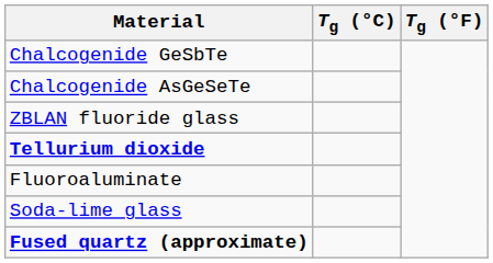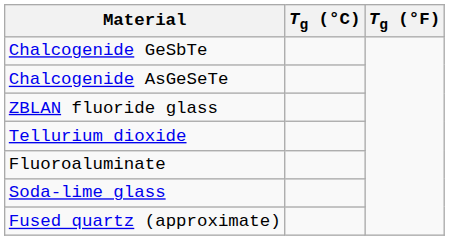 <table class="wikitable sortable">
 <tr>
 <th>Material</th>
 <th><em>T</em><sub>g</sub> (°C)</th>
 <th><em>T</em><sub>g</sub> (°F)</th>
 </tr>
 <tr>
 <td><a href='#'>Chalcogenide</a> GeSbTe</td>
 <td></td>
 </tr>
 <tr>
 <td><a href='#'>Chalcogenide</a> AsGeSeTe</td>
 <td></td>
 </tr>
 <tr>
 <td><a href='#'>ZBLAN</a> fluoride glass</td>
 <td></td>
 </tr>
 <tr>
-<td><strong><a href='#'>Tellurium dioxide</a></strong></td>
+<td><a href='#'>Tellurium dioxide</a></td>
 <td></td>
 </tr>
 <tr>
 <td>Fluoroaluminate</td>
 <td></td>
 </tr>
 <tr>
 <td><a href='#'>Soda-lime glass</a></td>
 <td></td>
 </tr>
 <tr>
-<td><strong><a href='#'>Fused quartz</a> (approximate)</strong></td>
+<td><a href='#'>Fused quartz</a> (approximate)</td>
 <td></td>
 </tr>
 </table>
